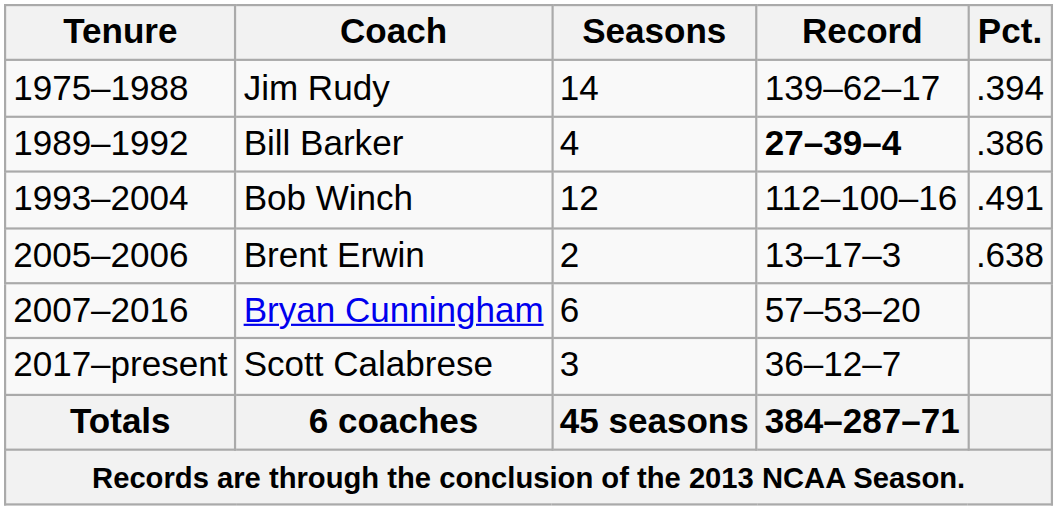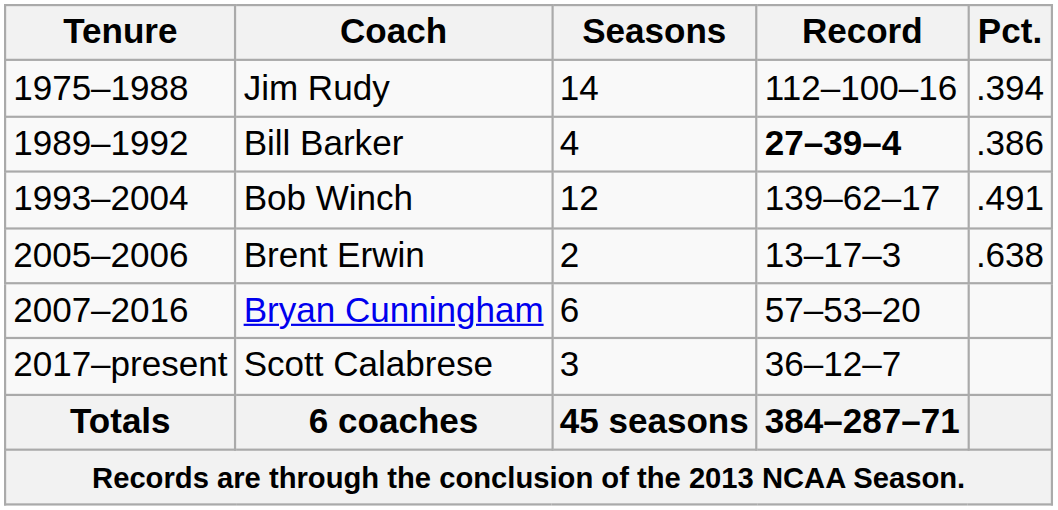 <table class="wikitable">
 <tr>
 <th width=px>Tenure</th>
 <th width=px>Coach</th>
 <th width=px>Seasons</th>
 <th width=px>Record</th>
 <th width=px>Pct.</th>
 </tr>
 <tr>
 <td>1975–1988</td>
 <td>Jim Rudy</td>
 <td>14</td>
-<td>139–62–17</td>
+<td>112–100–16</td>
 <td>.394</td>
 </tr>
 <tr>
 <td>1989–1992</td>
 <td>Bill Barker</td>
 <td>4</td>
 <td><strong>27–39–4</strong></td>
 <td>.386</td>
 </tr>
 <tr>
 <td>1993–2004</td>
 <td>Bob Winch</td>
 <td>12</td>
-<td>112–100–16</td>
+<td>139–62–17</td>
 <td>.491</td>
 </tr>
 <tr>
 <td>2005–2006</td>
 <td>Brent Erwin</td>
 <td>2</td>
 <td>13–17–3</td>
 <td>.638</td>
 </tr>
 <tr>
 <td>2007–2016</td>
 <td><a href='#'>Bryan Cunningham</a></td>
 <td>6</td>
 <td>57–53–20</td>
 <td></td>
 </tr>
 <tr>
 <td>2017–present</td>
 <td>Scott Calabrese</td>
 <td>3</td>
 <td>36–12–7</td>
 <td></td>
 </tr>
 <tr>
 <th width=px>Totals</th>
 <th width=px>6 coaches</th>
 <th width=px>45 seasons</th>
 <th width=px>384–287–71</th>
 <th width=px></th>
 </tr>
 <tr>
 <th colspan="5" style="text-align:center; "><small>Records are through the conclusion of the 2013 NCAA Season.</small></th>
 </tr>
 </table>
